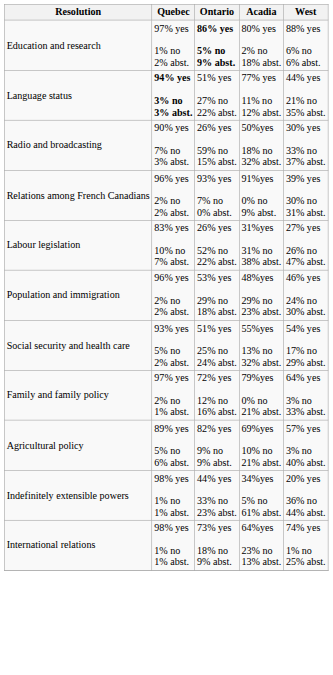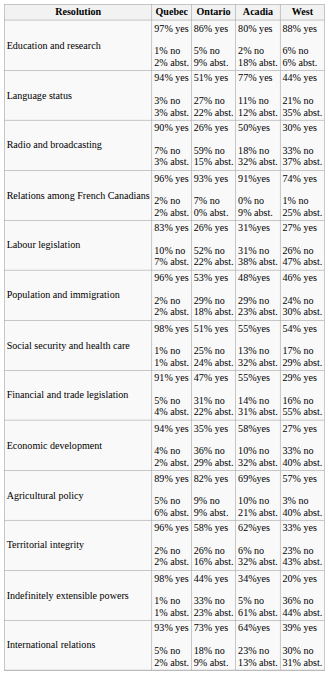 <table class="wikitable" border="1">
 <tr>
 <th>Resolution</th>
 <th>Quebec</th>
 <th>Ontario</th>
 <th>Acadia</th>
 <th>West</th>
 </tr>
 <tr>
 <td>Education and research</td>
 <td>97% yes<br><br>1% no<br> 2% abst.</td>
-<td><strong>86% yes<br><br>5% no<br> 9% abst.</strong></td>
+<td>86% yes<br><br>5% no<br> 9% abst.</td>
 <td>80% yes<br><br>2% no<br> 18% abst.</td>
 <td>88% yes<br><br>6% no<br> 6% abst.</td>
 </tr>
 <tr>
 <td>Language status</td>
-<td><strong>94% yes<br><br>3% no<br> 3% abst.</strong></td>
+<td>94% yes<br><br>3% no<br> 3% abst.</td>
 <td>51% yes<br><br>27% no<br> 22% abst.</td>
 <td>77% yes<br><br>11% no<br> 12% abst.</td>
 <td>44% yes<br><br>21% no<br> 35% abst.</td>
 </tr>
 <tr>
 <td>Radio and broadcasting</td>
 <td>90% yes<br><br>7% no<br> 3% abst.</td>
 <td>26% yes<br><br>59% no<br> 15% abst.</td>
 <td>50%yes<br><br>18% no<br> 32% abst.</td>
 <td>30% yes<br><br>33% no<br> 37% abst.</td>
 </tr>
 <tr>
 <td>Relations among French Canadians</td>
 <td>96% yes<br><br>2% no<br> 2% abst.</td>
 <td>93% yes<br><br>7% no<br> 0% abst.</td>
 <td>91%yes<br><br>0% no<br> 9% abst.</td>
-<td>39% yes<br><br>30% no<br> 31% abst.</td>
+<td>74% yes<br><br>1% no<br> 25% abst.</td>
 </tr>
 <tr>
 <td>Labour legislation</td>
 <td>83% yes<br><br>10% no<br> 7% abst.</td>
 <td>26% yes<br><br>52% no<br> 22% abst.</td>
 <td>31%yes<br><br>31% no<br> 38% abst.</td>
 <td>27% yes<br><br>26% no<br> 47% abst.</td>
 </tr>
 <tr>
 <td>Population and immigration</td>
 <td>96% yes<br><br>2% no<br> 2% abst.</td>
 <td>53% yes<br><br>29% no<br> 18% abst.</td>
 <td>48%yes<br><br>29% no<br> 23% abst.</td>
 <td>46% yes<br><br>24% no<br> 30% abst.</td>
 </tr>
 <tr>
 <td>Social security and health care</td>
-<td>93% yes<br><br>5% no<br> 2% abst.</td>
+<td>98% yes<br><br>1% no<br> 1% abst.</td>
 <td>51% yes<br><br>25% no<br> 24% abst.</td>
 <td>55%yes<br><br>13% no<br> 32% abst.</td>
 <td>54% yes<br><br>17% no<br> 29% abst.</td>
 </tr>
 <tr>
-<td>Family and family policy</td>
-<td>97% yes<br><br>2% no<br> 1% abst.</td>
-<td>72% yes<br><br>12% no<br> 16% abst.</td>
-<td>79%yes<br><br>0% no<br> 21% abst.</td>
-<td>64% yes<br><br>3% no<br> 33% abst.</td>
+<td>Financial and trade legislation</td>
+<td>91% yes<br><br>5% no<br> 4% abst.</td>
+<td>47% yes<br><br>31% no<br> 22% abst.</td>
+<td>55%yes<br><br>14% no<br> 31% abst.</td>
+<td>29% yes<br><br>16% no<br> 55% abst.</td>
+</tr>
+<tr>
+<td>Economic development</td>
+<td>94% yes<br><br>4% no<br> 2% abst.</td>
+<td>35% yes<br><br>36% no<br> 29% abst.</td>
+<td>58%yes<br><br>10% no<br> 32% abst.</td>
+<td>27% yes<br><br>33% no<br> 40% abst.</td>
 </tr>
 <tr>
 <td>Agricultural policy</td>
 <td>89% yes<br><br>5% no<br> 6% abst.</td>
 <td>82% yes<br><br>9% no<br> 9% abst.</td>
 <td>69%yes<br><br>10% no<br> 21% abst.</td>
 <td>57% yes<br><br>3% no<br> 40% abst.</td>
+</tr>
+<tr>
+<td>Territorial integrity</td>
+<td>96% yes<br><br>2% no<br> 2% abst.</td>
+<td>58% yes<br><br>26% no<br> 16% abst.</td>
+<td>62%yes<br><br>6% no<br> 32% abst.</td>
+<td>33% yes<br><br>23% no<br> 43% abst.</td>
 </tr>
 <tr>
 <td>Indefinitely extensible powers</td>
 <td>98% yes<br><br>1% no<br> 1% abst.</td>
 <td>44% yes<br><br>33% no<br> 23% abst.</td>
 <td>34%yes<br><br>5% no<br> 61% abst.</td>
 <td>20% yes<br><br>36% no<br> 44% abst.</td>
 </tr>
 <tr>
 <td>International relations</td>
-<td>98% yes<br><br>1% no<br> 1% abst.</td>
+<td>93% yes<br><br>5% no<br> 2% abst.</td>
 <td>73% yes<br><br>18% no<br> 9% abst.</td>
 <td>64%yes<br><br>23% no<br> 13% abst.</td>
-<td>74% yes<br><br>1% no<br> 25% abst.</td>
+<td>39% yes<br><br>30% no<br> 31% abst.</td>
 </tr>
 <tr>
 </tr>
 </table>
